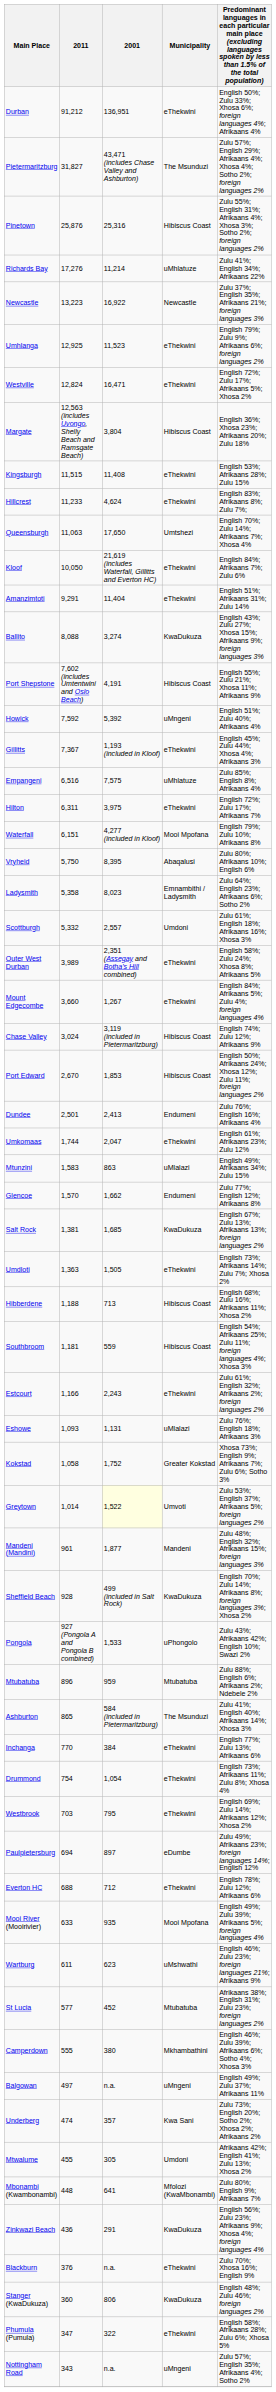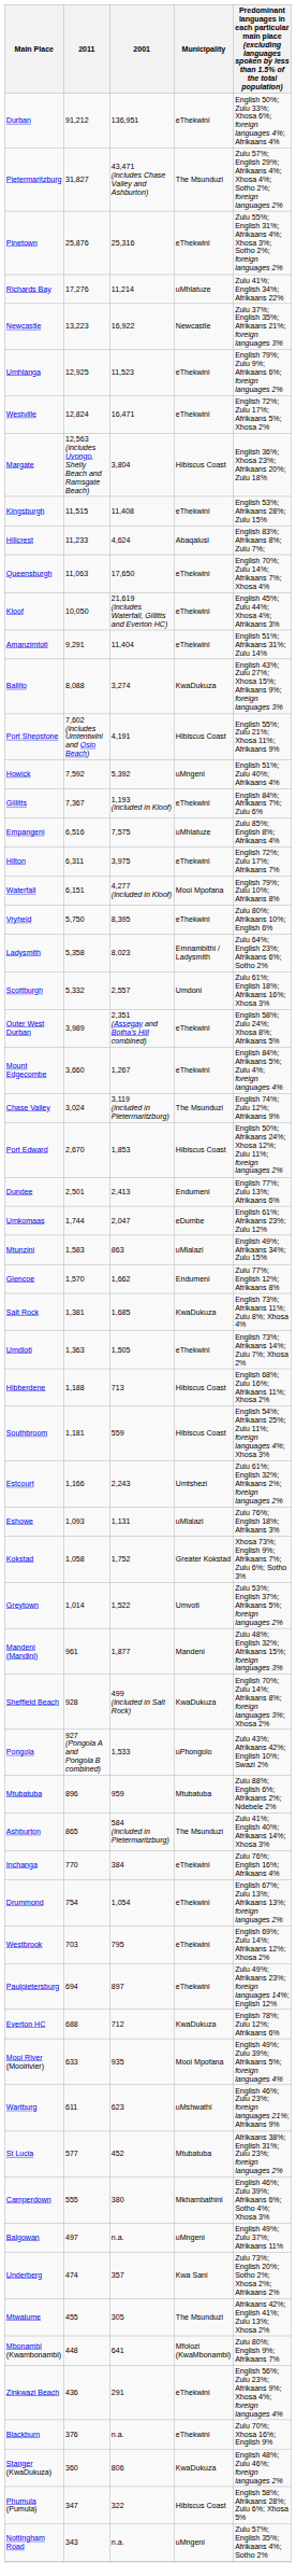 <table class="wikitable sortable">
 <tr>
 <th scope="col">Main Place</th>
 <th scope="col">2011</th>
 <th scope="col">2001</th>
 <th scope="col" style="text-align:center;">Municipality</th>
 <th scope="col">Predominant languages in each particular main place<br><em>(excluding languages spoken by less than 1.5% of the total population)</em></th>
 </tr>
 <tr>
 <td><a href='#'>Durban</a></td>
 <td>91,212</td>
 <td>136,951</td>
 <td>eThekwini</td>
 <td>English 50%; Zulu 33%; Xhosa 6%; <em>foreign languages 4%</em>; Afrikaans 4%</td>
 </tr>
 <tr>
 <td><a href='#'>Pietermaritzburg</a></td>
 <td>31,827</td>
 <td>43,471<br><em>(includes Chase Valley and Ashburton)</em></td>
 <td>The Msunduzi</td>
 <td>Zulu 57%; English 29%; Afrikaans 4%; Xhosa 4%; Sotho 2%; <em>foreign languages 2%</em></td>
 </tr>
 <tr>
 <td><a href='#'>Pinetown</a></td>
 <td>25,876</td>
 <td>25,316</td>
-<td>Hibiscus Coast</td>
+<td>eThekwini</td>
 <td>Zulu 55%; English 31%; Afrikaans 4%; Xhosa 3%; Sotho 2%; <em>foreign languages 2%</em></td>
 </tr>
 <tr>
 <td><a href='#'>Richards Bay</a></td>
 <td>17,276</td>
 <td>11,214</td>
 <td>uMhlatuze</td>
 <td>Zulu 41%; English 34%; Afrikaans 22%</td>
 </tr>
 <tr>
 <td><a href='#'>Newcastle</a></td>
 <td>13,223</td>
 <td>16,922</td>
 <td>Newcastle</td>
 <td>Zulu 37%; English 35%; Afrikaans 21%; <em>foreign languages 3%</em></td>
 </tr>
 <tr>
 <td><a href='#'>Umhlanga</a></td>
 <td>12,925</td>
 <td>11,523</td>
 <td>eThekwini</td>
 <td>English 79%; Zulu 9%; Afrikaans 6%; <em>foreign languages 2%</em></td>
 </tr>
 <tr>
 <td><a href='#'>Westville</a></td>
 <td>12,824</td>
 <td>16,471</td>
 <td>eThekwini</td>
 <td>English 72%; Zulu 17%; Afrikaans 5%; Xhosa 2%</td>
 </tr>
 <tr>
 <td><a href='#'>Margate</a></td>
 <td>12,563<br><em>(includes <a href='#'>Uvongo</a>, Shelly Beach and Ramsgate Beach)</em></td>
 <td>3,804</td>
 <td>Hibiscus Coast</td>
 <td>English 36%; Xhosa 23%; Afrikaans 20%; Zulu 18%</td>
 </tr>
 <tr>
 <td><a href='#'>Kingsburgh</a></td>
 <td>11,515</td>
 <td>11,408</td>
 <td>eThekwini</td>
 <td>English 53%; Afrikaans 28%; Zulu 15%</td>
 </tr>
 <tr>
 <td><a href='#'>Hillcrest</a></td>
 <td>11,233</td>
 <td>4,624</td>
-<td>eThekwini</td>
+<td>Abaqalusi</td>
 <td>English 83%; Afrikaans 8%; Zulu 7%;</td>
 </tr>
 <tr>
 <td><a href='#'>Queensburgh</a></td>
 <td>11,063</td>
 <td>17,650</td>
-<td>Umtshezi</td>
+<td>eThekwini</td>
 <td>English 70%; Zulu 14%; Afrikaans 7%; Xhosa 4%</td>
 </tr>
 <tr>
 <td><a href='#'>Kloof</a></td>
 <td>10,050</td>
 <td>21,619<br><em>(includes Waterfall, Gillitts and Everton HC)</em></td>
 <td>eThekwini</td>
-<td>English 84%; Afrikaans 7%; Zulu 6%</td>
+<td>English 45%; Zulu 44%; Xhosa 4%; Afrikaans 3%</td>
 </tr>
 <tr>
 <td><a href='#'>Amanzimtoti</a></td>
 <td>9,291</td>
 <td>11,404</td>
 <td>eThekwini</td>
 <td>English 51%; Afrikaans 31%; Zulu 14%</td>
 </tr>
 <tr>
 <td><a href='#'>Ballito</a></td>
 <td>8,088</td>
 <td>3,274</td>
 <td>KwaDukuza</td>
 <td>English 43%; Zulu 27%; Xhosa 15%; Afrikaans 9%; <em>foreign languages 3%</em></td>
 </tr>
 <tr>
 <td><a href='#'>Port Shepstone</a></td>
 <td>7,602<br><em>(includes Umtentwini and <a href='#'>Oslo Beach</a>)</em></td>
 <td>4,191</td>
 <td>Hibiscus Coast</td>
 <td>English 55%; Zulu 21%; Xhosa 11%; Afrikaans 9%</td>
 </tr>
 <tr>
 <td><a href='#'>Howick</a></td>
 <td>7,592</td>
 <td>5,392</td>
 <td>uMngeni</td>
 <td>English 51%; Zulu 40%; Afrikaans 4%</td>
 </tr>
 <tr>
 <td><a href='#'>Gillitts</a></td>
 <td>7,367</td>
 <td>1,193<br><em>(included in Kloof)</em></td>
 <td>eThekwini</td>
-<td>English 45%; Zulu 44%; Xhosa 4%; Afrikaans 3%</td>
+<td>English 84%; Afrikaans 7%; Zulu 6%</td>
 </tr>
 <tr>
 <td><a href='#'>Empangeni</a></td>
 <td>6,516</td>
 <td>7,575</td>
 <td>uMhlatuze</td>
 <td>Zulu 85%; English 8%; Afrikaans 4%</td>
 </tr>
 <tr>
 <td><a href='#'>Hilton</a></td>
 <td>6,311</td>
 <td>3,975</td>
 <td>eThekwini</td>
 <td>English 72%; Zulu 17%; Afrikaans 7%</td>
 </tr>
 <tr>
 <td><a href='#'>Waterfall</a></td>
 <td>6,151</td>
 <td>4,277<br><em>(included in Kloof)</em></td>
 <td>Mooi Mpofana</td>
 <td>English 79%; Zulu 10%; Afrikaans 8%</td>
 </tr>
 <tr>
 <td><a href='#'>Vryheid</a></td>
 <td>5,750</td>
 <td>8,395</td>
-<td>Abaqalusi</td>
+<td>eThekwini</td>
 <td>Zulu 80%; Afrikaans 10%; English 6%</td>
 </tr>
 <tr>
 <td><a href='#'>Ladysmith</a></td>
 <td>5,358</td>
 <td>8,023</td>
 <td>Emnambithi / Ladysmith</td>
 <td>Zulu 64%; English 23%; Afrikaans 6%; Sotho 2%</td>
 </tr>
 <tr>
 <td><a href='#'>Scottburgh</a></td>
 <td>5,332</td>
 <td>2,557</td>
 <td>Umdoni</td>
 <td>Zulu 61%; English 18%; Afrikaans 16%; Xhosa 3%</td>
 </tr>
 <tr>
 <td><a href='#'>Outer West Durban</a></td>
 <td>3,989</td>
 <td>2,351<br><em>(<a href='#'>Assegay</a> and <a href='#'>Botha's Hill</a> combined)</em></td>
 <td>eThekwini</td>
 <td>English 58%; Zulu 24%; Xhosa 8%; Afrikaans 5%</td>
 </tr>
 <tr>
 <td><a href='#'>Mount Edgecombe</a></td>
 <td>3,660</td>
 <td>1,267</td>
 <td>eThekwini</td>
 <td>English 84%; Afrikaans 5%; Zulu 4%; <em>foreign languages 4%</em></td>
 </tr>
 <tr>
 <td><a href='#'>Chase Valley</a></td>
 <td>3,024</td>
 <td>3,119<br><em>(included in Pietermaritzburg)</em></td>
-<td>Hibiscus Coast</td>
+<td>The Msunduzi</td>
 <td>English 74%; Zulu 12%; Afrikaans 9%</td>
 </tr>
 <tr>
 <td><a href='#'>Port Edward</a></td>
 <td>2,670</td>
 <td>1,853</td>
 <td>Hibiscus Coast</td>
 <td>English 50%; Afrikaans 24%; Xhosa 12%; Zulu 11%; <em>foreign languages 2%</em></td>
 </tr>
 <tr>
 <td><a href='#'>Dundee</a></td>
 <td>2,501</td>
 <td>2,413</td>
 <td>Endumeni</td>
-<td>Zulu 76%; English 16%; Afrikaans 4%</td>
+<td>English 77%; Zulu 13%; Afrikaans 6%</td>
 </tr>
 <tr>
 <td><a href='#'>Umkomaas</a></td>
 <td>1,744</td>
 <td>2,047</td>
-<td>eThekwini</td>
+<td>eDumbe</td>
 <td>English 61%; Afrikaans 23%; Zulu 12%</td>
 </tr>
 <tr>
 <td><a href='#'>Mtunzini</a></td>
 <td>1,583</td>
 <td>863</td>
 <td>uMlalazi</td>
 <td>English 49%; Afrikaans 34%; Zulu 15%</td>
 </tr>
 <tr>
 <td><a href='#'>Glencoe</a></td>
 <td>1,570</td>
 <td>1,662</td>
 <td>Endumeni</td>
 <td>Zulu 77%; English 12%; Afrikaans 8%</td>
 </tr>
 <tr>
 <td><a href='#'>Salt Rock</a></td>
 <td>1,381</td>
 <td>1,685</td>
 <td>KwaDukuza</td>
-<td>English 67%; Zulu 13%; Afrikaans 13%; <em>foreign languages 2%</em></td>
+<td>English 73%; Afrikaans 11%; Zulu 8%; Xhosa 4%</td>
 </tr>
 <tr>
 <td><a href='#'>Umdloti</a></td>
 <td>1,363</td>
 <td>1,505</td>
 <td>eThekwini</td>
 <td>English 73%; Afrikaans 14%; Zulu 7%; Xhosa 2%</td>
 </tr>
 <tr>
 <td><a href='#'>Hibberdene</a></td>
 <td>1,188</td>
 <td>713</td>
 <td>Hibiscus Coast</td>
 <td>English 68%; Zulu 16%; Afrikaans 11%; Xhosa 2%</td>
 </tr>
 <tr>
 <td><a href='#'>Southbroom</a></td>
 <td>1,181</td>
 <td>559</td>
 <td>Hibiscus Coast</td>
 <td>English 54%; Afrikaans 25%; Zulu 11%; <em>foreign languages 4%</em>; Xhosa 3%</td>
 </tr>
 <tr>
 <td><a href='#'>Estcourt</a></td>
 <td>1,166</td>
 <td>2,243</td>
-<td>eThekwini</td>
+<td>Umtshezi</td>
 <td>Zulu 61%; English 32%; Afrikaans 2%; <em>foreign languages 2%</em></td>
 </tr>
 <tr>
 <td><a href='#'>Eshowe</a></td>
 <td>1,093</td>
 <td>1,131</td>
 <td>uMlalazi</td>
 <td>Zulu 76%; English 18%; Afrikaans 3%</td>
 </tr>
 <tr>
 <td><a href='#'>Kokstad</a></td>
 <td>1,058</td>
 <td>1,752</td>
 <td>Greater Kokstad</td>
 <td>Xhosa 73%; English 9%; Afrikaans 7%; Zulu 6%; Sotho 3%</td>
 </tr>
 <tr>
 <td><a href='#'>Greytown</a></td>
 <td>1,014</td>
-<td style="background: lightyellow;">1,522</td>
+<td>1,522</td>
 <td>Umvoti</td>
 <td>Zulu 53%; English 37%; Afrikaans 5%; <em>foreign languages 2%</em></td>
 </tr>
 <tr>
 <td><a href='#'>Mandeni<br>(Mandini)</a></td>
 <td>961</td>
 <td>1,877</td>
 <td>Mandeni</td>
 <td>Zulu 48%; English 32%; Afrikaans 15%; <em>foreign languages 3%</em></td>
 </tr>
 <tr>
 <td><a href='#'>Sheffield Beach</a></td>
 <td>928</td>
 <td>499<br><em>(included in Salt Rock)</em></td>
 <td>KwaDukuza</td>
 <td>English 70%; Zulu 14%; Afrikaans 8%; <em>foreign languages 3%</em>; Xhosa 2%</td>
 </tr>
 <tr>
 <td><a href='#'>Pongola</a></td>
 <td>927<br><em>(Pongola A and Pongola B combined)</em></td>
 <td>1,533</td>
 <td>uPhongolo</td>
 <td>Zulu 43%; Afrikaans 42%; English 10%; Swazi 2%</td>
 </tr>
 <tr>
 <td><a href='#'>Mtubatuba</a></td>
 <td>896</td>
 <td>959</td>
 <td>Mtubatuba</td>
 <td>Zulu 88%; English 6%; Afrikaans 2%; Ndebele 2%</td>
 </tr>
 <tr>
 <td><a href='#'>Ashburton</a></td>
 <td>865</td>
 <td>584<br><em>(included in Pietermaritzburg)</em></td>
 <td>The Msunduzi</td>
 <td>Zulu 41%; English 40%; Afrikaans 14%; Xhosa 3%</td>
 </tr>
 <tr>
 <td><a href='#'>Inchanga</a></td>
 <td>770</td>
 <td>384</td>
 <td>eThekwini</td>
-<td>English 77%; Zulu 13%; Afrikaans 6%</td>
+<td>Zulu 76%; English 16%; Afrikaans 4%</td>
 </tr>
 <tr>
 <td><a href='#'>Drummond</a></td>
 <td>754</td>
 <td>1,054</td>
 <td>eThekwini</td>
-<td>English 73%; Afrikaans 11%; Zulu 8%; Xhosa 4%</td>
+<td>English 67%; Zulu 13%; Afrikaans 13%; <em>foreign languages 2%</em></td>
 </tr>
 <tr>
 <td><a href='#'>Westbrook</a></td>
 <td>703</td>
 <td>795</td>
 <td>eThekwini</td>
 <td>English 69%; Zulu 14%; Afrikaans 12%; Xhosa 2%</td>
 </tr>
 <tr>
 <td><a href='#'>Paulpietersburg</a></td>
 <td>694</td>
 <td>897</td>
-<td>eDumbe</td>
+<td>eThekwini</td>
 <td>Zulu 49%; Afrikaans 23%; <em>foreign languages 14%</em>; English 12%</td>
 </tr>
 <tr>
 <td><a href='#'>Everton HC</a></td>
 <td>688</td>
 <td>712</td>
-<td>eThekwini</td>
+<td>KwaDukuza</td>
 <td>English 78%; Zulu 12%; Afrikaans 6%</td>
 </tr>
 <tr>
 <td><a href='#'>Mooi River</a><br>(Mooirivier)</td>
 <td>633</td>
 <td>935</td>
 <td>Mooi Mpofana</td>
 <td>English 49%; Zulu 39%; Afrikaans 5%; <em>foreign languages 4%</em></td>
 </tr>
 <tr>
 <td><a href='#'>Wartburg</a></td>
 <td>611</td>
 <td>623</td>
 <td>uMshwathi</td>
 <td>English 46%; Zulu 23%; <em>foreign languages 21%</em>; Afrikaans 9%</td>
 </tr>
 <tr>
 <td><a href='#'>St Lucia</a></td>
 <td>577</td>
 <td>452</td>
 <td>Mtubatuba</td>
 <td>Afrikaans 38%; English 31%; Zulu 23%; <em>foreign languages 2%</em></td>
 </tr>
 <tr>
 <td><a href='#'>Camperdown</a></td>
 <td>555</td>
 <td>380</td>
 <td>Mkhambathini</td>
 <td>English 46%; Zulu 39%; Afrikaans 6%; Sotho 4%; Xhosa 3%</td>
 </tr>
 <tr>
 <td><a href='#'>Balgowan</a></td>
 <td>497</td>
 <td>n.a.</td>
 <td>uMngeni</td>
 <td>English 49%; Zulu 37%; Afrikaans 11%</td>
 </tr>
 <tr>
 <td><a href='#'>Underberg</a></td>
 <td>474</td>
 <td>357</td>
 <td>Kwa Sani</td>
 <td>Zulu 73%; English 20%; Sotho 2%; Xhosa 2%; Afrikaans 2%</td>
 </tr>
 <tr>
 <td><a href='#'>Mtwalume</a></td>
 <td>455</td>
 <td>305</td>
-<td>Umdoni</td>
+<td>The Msunduzi</td>
 <td>Afrikaans 42%; English 41%; Zulu 13%; Xhosa 2%</td>
 </tr>
 <tr>
 <td><a href='#'>Mbonambi</a><br>(Kwambonambi)</td>
 <td>448</td>
 <td>641</td>
 <td>Mfolozi<br>(KwaMbonambi)</td>
 <td>Zulu 80%; English 9%; Afrikaans 7%</td>
 </tr>
 <tr>
 <td><a href='#'>Zinkwazi Beach</a></td>
 <td>436</td>
 <td>291</td>
-<td>KwaDukuza</td>
+<td>eThekwini</td>
 <td>English 56%; Zulu 23%; Afrikaans 9%; Xhosa 4%; <em>foreign languages 4%</em></td>
 </tr>
 <tr>
 <td><a href='#'>Blackburn</a></td>
 <td>376</td>
 <td>n.a.</td>
 <td>eThekwini</td>
 <td>Zulu 70%; Xhosa 16%; English 9%</td>
 </tr>
 <tr>
 <td><a href='#'>Stanger</a><br>(KwaDukuza)</td>
 <td>360</td>
 <td>806</td>
 <td>KwaDukuza</td>
 <td>English 48%; Zulu 46%; <em>foreign languages 2%</em></td>
 </tr>
 <tr>
 <td><a href='#'>Phumula</a><br>(Pumula)</td>
 <td>347</td>
 <td>322</td>
-<td>eThekwini</td>
+<td>Hibiscus Coast</td>
 <td>English 58%; Afrikaans 28%; Zulu 6%; Xhosa 5%</td>
 </tr>
 <tr>
 <td><a href='#'>Nottingham Road</a></td>
 <td>343</td>
 <td>n.a.</td>
 <td>uMngeni</td>
 <td>Zulu 57%; English 35%; Afrikaans 4%; Sotho 2%</td>
 </tr>
 <tr>
 </tr>
 </table>
